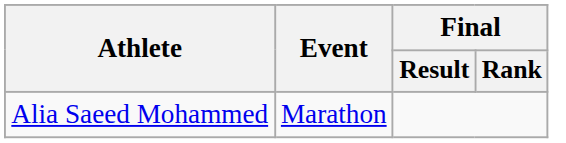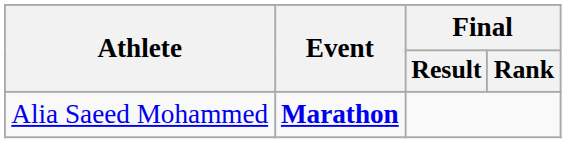 <table class="wikitable" style="font-size:90%">
 <tr>
 <th rowspan="2">Athlete</th>
 <th rowspan="2">Event</th>
 <th colspan="2">Final</th>
 </tr>
 <tr style="font-size:95%">
 <th>Result</th>
 <th>Rank</th>
 </tr>
 <tr align=center>
 <td align=left><a href='#'>Alia Saeed Mohammed</a></td>
-<td align=left><a href='#'>Marathon</a></td>
+<td align=left><strong><a href='#'>Marathon</a></strong></td>
 <td colspan=2></td>
 </tr>
 </table>
